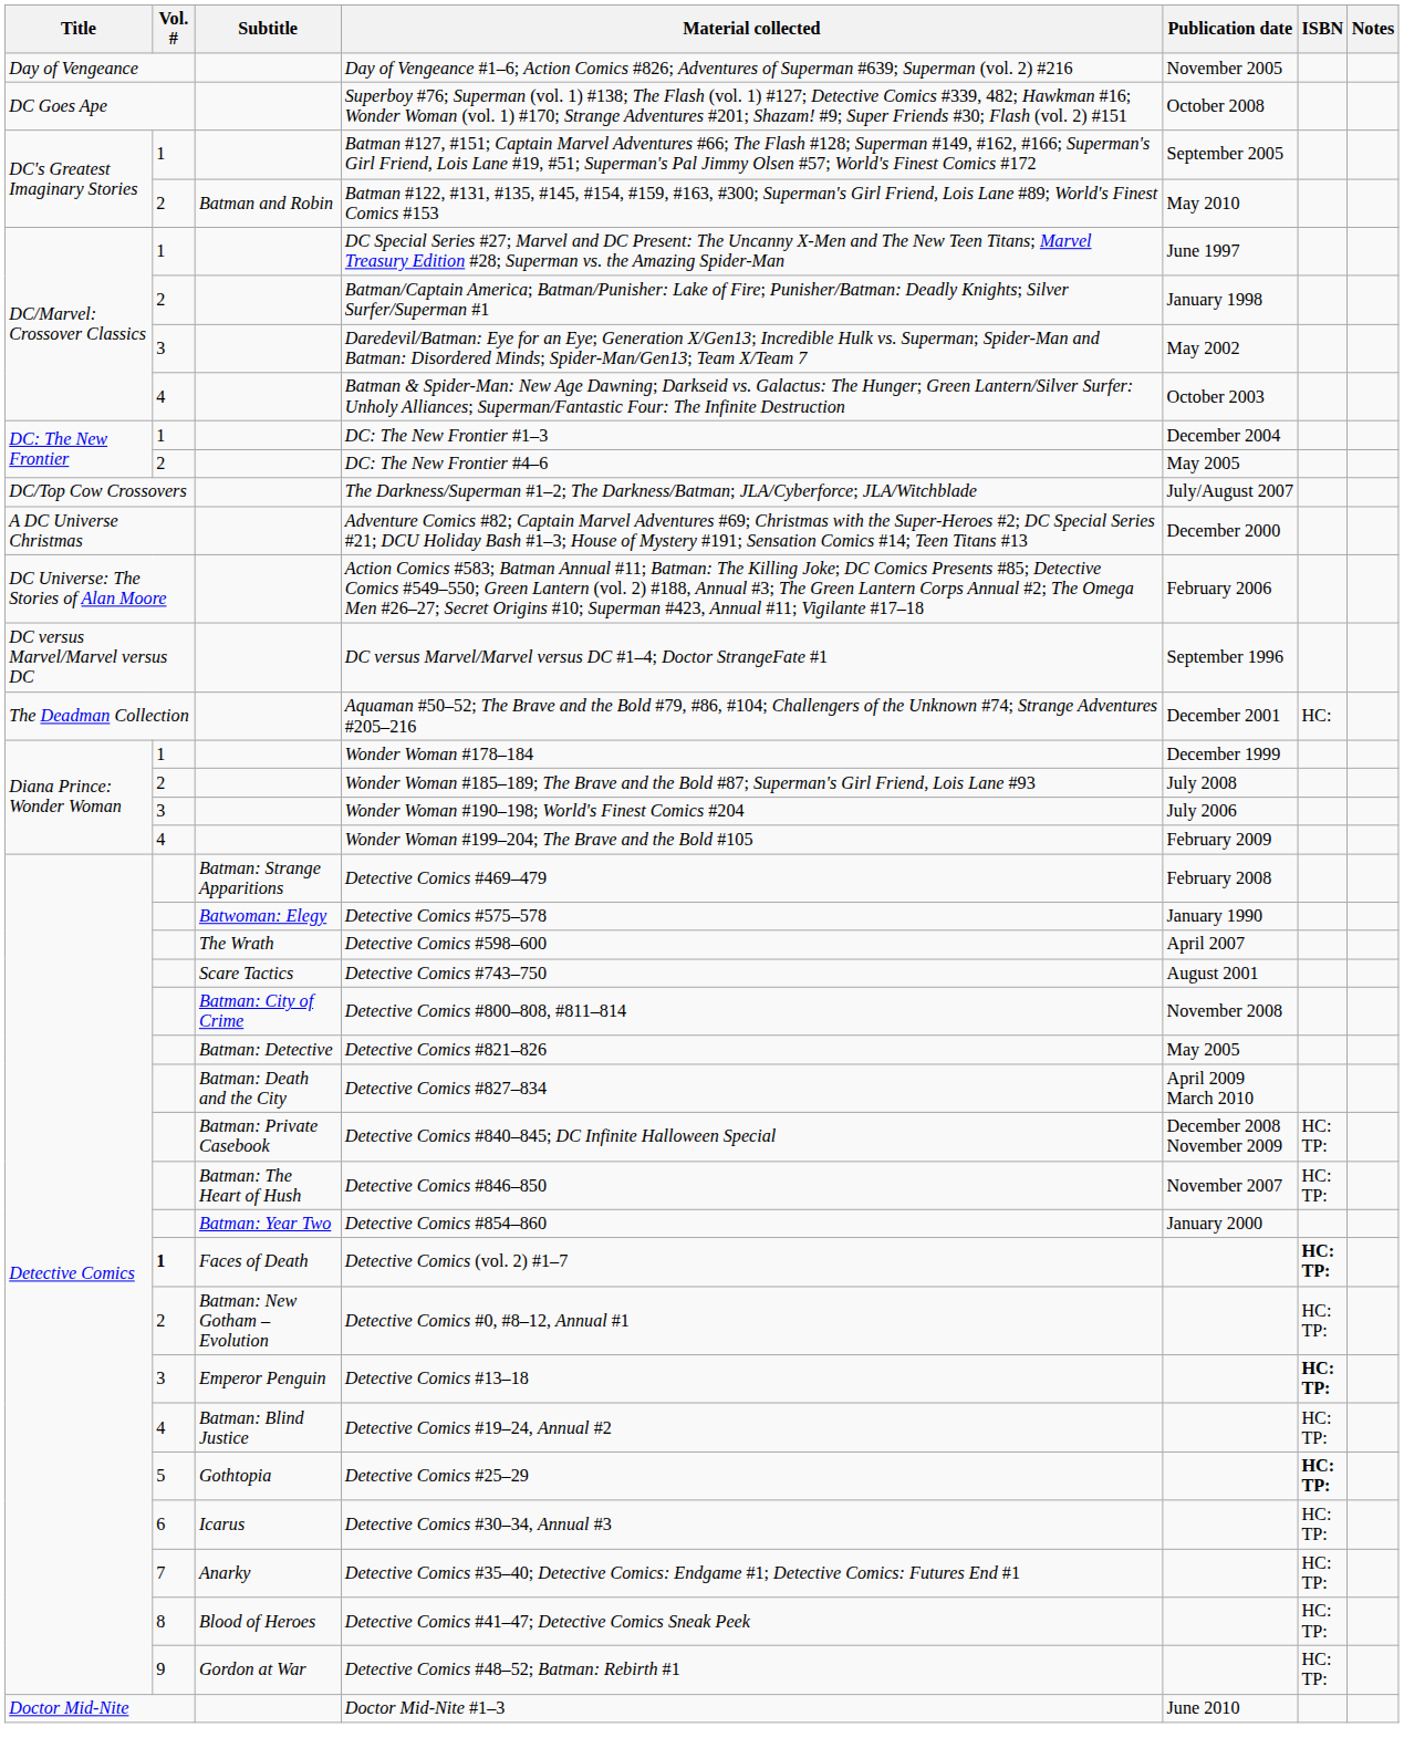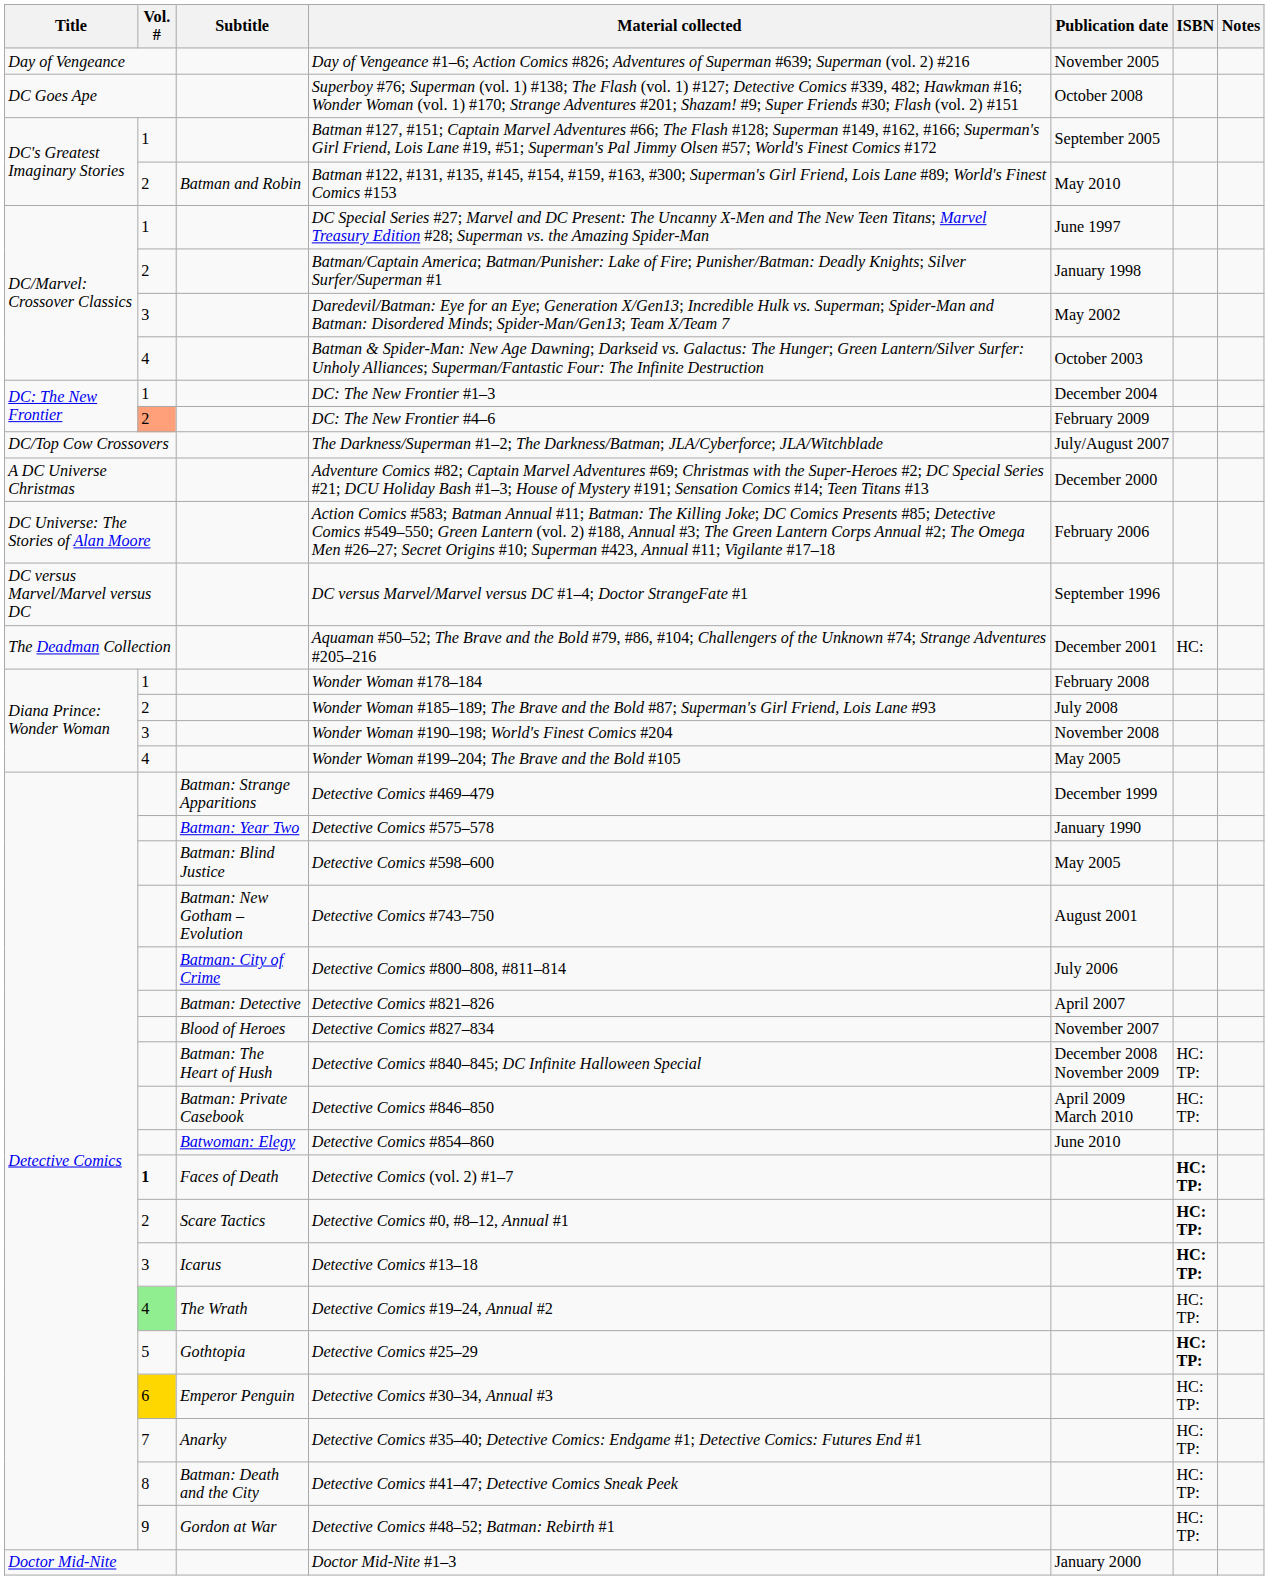 <table class="wikitable">
 <tr>
 <th>Title</th>
 <th>Vol. #</th>
 <th>Subtitle</th>
 <th>Material collected</th>
 <th>Publication date</th>
 <th>ISBN</th>
 <th>Notes</th>
 </tr>
 <tr>
 <td colspan="2"><em>Day of Vengeance</em></td>
 <td></td>
 <td><em>Day of Vengeance</em> #1–6; <em>Action Comics</em> #826; <em>Adventures of Superman</em> #639; <em>Superman</em> (vol. 2) #216</td>
 <td>November 2005</td>
 <td></td>
 <td></td>
 </tr>
 <tr>
 <td colspan="2"><em>DC Goes Ape</em></td>
 <td></td>
 <td><em>Superboy</em> #76; <em>Superman</em> (vol. 1) #138; <em>The Flash</em> (vol. 1) #127; <em>Detective Comics</em> #339, 482; <em>Hawkman</em> #16; <em>Wonder Woman</em> (vol. 1) #170; <em>Strange Adventures</em> #201; <em>Shazam!</em> #9; <em>Super Friends</em> #30; <em>Flash</em> (vol. 2) #151</td>
 <td>October 2008</td>
 <td></td>
 <td></td>
 </tr>
 <tr>
 <td rowspan="2"><em>DC's Greatest Imaginary Stories</em></td>
 <td>1</td>
 <td></td>
 <td><em>Batman</em> #127, #151; <em>Captain Marvel Adventures</em> #66; <em>The Flash</em> #128; <em>Superman</em> #149, #162, #166; <em>Superman's Girl Friend, Lois Lane</em> #19, #51; <em>Superman's Pal Jimmy Olsen</em> #57; <em>World's Finest Comics</em> #172</td>
 <td>September 2005</td>
 <td></td>
 <td></td>
 </tr>
 <tr>
 <td>2</td>
 <td><em>Batman and Robin</em></td>
 <td><em>Batman</em> #122, #131, #135, #145, #154, #159, #163, #300; <em>Superman's Girl Friend, Lois Lane</em> #89; <em>World's Finest Comics</em> #153</td>
 <td>May 2010</td>
 <td></td>
 <td></td>
 </tr>
 <tr>
 <td rowspan="4"><em>DC/Marvel: Crossover Classics</em></td>
 <td>1</td>
 <td></td>
 <td><em>DC Special Series</em> #27; <em>Marvel and DC Present: The Uncanny X-Men and The New Teen Titans</em>; <em><a href='#'>Marvel Treasury Edition</a></em> #28; <em>Superman vs. the Amazing Spider-Man</em></td>
 <td>June 1997</td>
 <td></td>
 <td></td>
 </tr>
 <tr>
 <td>2</td>
 <td></td>
 <td><em>Batman/Captain America</em>; <em>Batman/Punisher: Lake of Fire</em>; <em>Punisher/Batman: Deadly Knights</em>; <em>Silver Surfer/Superman</em> #1</td>
 <td>January 1998</td>
 <td></td>
 <td></td>
 </tr>
 <tr>
 <td>3</td>
 <td></td>
 <td><em>Daredevil/Batman: Eye for an Eye</em>; <em>Generation X/Gen13</em>; <em>Incredible Hulk vs. Superman</em>; <em>Spider-Man and Batman: Disordered Minds</em>; <em>Spider-Man/Gen13</em>; <em>Team X/Team 7</em></td>
 <td>May 2002</td>
 <td></td>
 <td></td>
 </tr>
 <tr>
 <td>4</td>
 <td></td>
 <td><em>Batman & Spider-Man: New Age Dawning</em>; <em>Darkseid vs. Galactus: The Hunger</em>; <em>Green Lantern/Silver Surfer: Unholy Alliances</em>; <em>Superman/Fantastic Four: The Infinite Destruction</em></td>
 <td>October 2003</td>
 <td></td>
 <td></td>
 </tr>
 <tr>
 <td rowspan="2"><em><a href='#'>DC: The New Frontier</a></em></td>
 <td>1</td>
 <td></td>
 <td><em>DC: The New Frontier</em> #1–3</td>
 <td>December 2004</td>
 <td></td>
 <td></td>
 </tr>
 <tr>
-<td>2</td>
+<td style="background: lightsalmon;">2</td>
 <td></td>
 <td><em>DC: The New Frontier</em> #4–6</td>
-<td>May 2005</td>
+<td>February 2009</td>
 <td></td>
 <td></td>
 </tr>
 <tr>
 <td colspan="2"><em>DC/Top Cow Crossovers</em></td>
 <td></td>
 <td><em>The Darkness/Superman</em> #1–2; <em>The Darkness/Batman</em>; <em>JLA/Cyberforce</em>; <em>JLA/Witchblade</em></td>
 <td style=white-space:nowrap>July/August 2007</td>
 <td></td>
 <td></td>
 </tr>
 <tr>
 <td colspan="2"><em>A DC Universe Christmas</em></td>
 <td></td>
 <td><em>Adventure Comics</em> #82; <em>Captain Marvel Adventures</em> #69; <em>Christmas with the Super-Heroes</em> #2; <em>DC Special Series</em> #21; <em>DCU Holiday Bash</em> #1–3; <em>House of Mystery</em> #191; <em>Sensation Comics</em> #14; <em>Teen Titans</em> #13</td>
 <td>December 2000</td>
 <td></td>
 <td></td>
 </tr>
 <tr>
 <td colspan="2"><em>DC Universe: The Stories of <a href='#'>Alan Moore</a></em></td>
 <td></td>
 <td><em>Action Comics</em> #583; <em>Batman Annual</em> #11; <em>Batman: The Killing Joke</em>; <em>DC Comics Presents</em> #85; <em>Detective Comics</em> #549–550; <em>Green Lantern</em> (vol. 2) #188, <em>Annual</em> #3; <em>The Green Lantern Corps Annual</em> #2; <em>The Omega Men</em> #26–27; <em>Secret Origins</em> #10; <em>Superman</em> #423, <em>Annual</em> #11; <em>Vigilante</em> #17–18</td>
 <td>February 2006</td>
 <td></td>
 <td></td>
 </tr>
 <tr>
 <td colspan="2"><em>DC versus Marvel/Marvel versus DC</em></td>
 <td></td>
 <td><em>DC versus Marvel/Marvel versus DC</em> #1–4; <em>Doctor StrangeFate</em> #1</td>
 <td>September 1996</td>
 <td></td>
 <td></td>
 </tr>
 <tr>
 <td colspan="2"><em>The <a href='#'>Deadman</a> Collection</em></td>
 <td></td>
 <td><em>Aquaman</em> #50–52; <em>The Brave and the Bold</em> #79, #86, #104; <em>Challengers of the Unknown</em> #74; <em>Strange Adventures</em> #205–216</td>
 <td>December 2001</td>
 <td>HC: </td>
 <td></td>
 </tr>
 <tr>
 <td rowspan="4"><em>Diana Prince: Wonder Woman</em></td>
 <td>1</td>
 <td></td>
 <td><em>Wonder Woman</em> #178–184</td>
-<td>December 1999</td>
+<td>February 2008</td>
 <td></td>
 <td></td>
 </tr>
 <tr>
 <td>2</td>
 <td></td>
 <td><em>Wonder Woman</em> #185–189; <em>The Brave and the Bold</em> #87; <em>Superman's Girl Friend, Lois Lane</em> #93</td>
 <td>July 2008</td>
 <td></td>
 <td></td>
 </tr>
 <tr>
 <td>3</td>
 <td></td>
 <td><em>Wonder Woman</em> #190–198; <em>World's Finest Comics</em> #204</td>
-<td>July 2006</td>
+<td>November 2008</td>
 <td></td>
 <td></td>
 </tr>
 <tr>
 <td>4</td>
 <td></td>
 <td><em>Wonder Woman</em> #199–204; <em>The Brave and the Bold</em> #105</td>
-<td>February 2009</td>
+<td>May 2005</td>
 <td></td>
 <td></td>
 </tr>
 <tr>
 <td rowspan="19"><em><a href='#'>Detective Comics</a></em></td>
 <td></td>
 <td><em>Batman: Strange Apparitions</em></td>
 <td><em>Detective Comics</em> #469–479</td>
-<td>February 2008</td>
+<td>December 1999</td>
 <td></td>
 <td></td>
 </tr>
 <tr>
 <td></td>
-<td><em><a href='#'>Batwoman: Elegy</a></em></td>
+<td><em><a href='#'>Batman: Year Two</a></em></td>
 <td><em>Detective Comics</em> #575–578</td>
 <td>January 1990</td>
 <td></td>
 <td></td>
 </tr>
 <tr>
 <td></td>
-<td><em>The Wrath</em></td>
+<td><em>Batman: Blind Justice</em></td>
 <td><em>Detective Comics</em> #598–600</td>
-<td>April 2007</td>
+<td>May 2005</td>
 <td></td>
 <td></td>
 </tr>
 <tr>
 <td></td>
-<td><em>Scare Tactics</em></td>
+<td><em>Batman: New Gotham –Evolution</em></td>
 <td><em>Detective Comics</em> #743–750</td>
 <td>August 2001</td>
 <td></td>
 <td></td>
 </tr>
 <tr>
 <td></td>
 <td><em><a href='#'>Batman: City of Crime</a></em></td>
 <td><em>Detective Comics</em> #800–808, #811–814</td>
-<td>November 2008</td>
+<td>July 2006</td>
 <td></td>
 <td></td>
 </tr>
 <tr>
 <td></td>
 <td><em>Batman: Detective</em></td>
 <td><em>Detective Comics</em> #821–826</td>
-<td>May 2005</td>
+<td>April 2007</td>
 <td></td>
 <td></td>
 </tr>
 <tr>
 <td></td>
-<td><em>Batman: Death and the City</em></td>
+<td><em>Blood of Heroes</em></td>
 <td><em>Detective Comics</em> #827–834</td>
-<td>April 2009<br>March 2010</td>
+<td>November 2007</td>
 <td></td>
 <td></td>
 </tr>
 <tr>
 <td></td>
-<td><em>Batman: Private Casebook</em></td>
+<td><em>Batman: The Heart of Hush</em></td>
 <td><em>Detective Comics</em> #840–845; <em>DC Infinite Halloween Special</em></td>
 <td>December 2008<br>November 2009</td>
 <td style=white-space:nowrap>HC: <br>TP: </td>
 <td></td>
 </tr>
 <tr>
 <td></td>
-<td><em>Batman: The Heart of Hush</em></td>
+<td><em>Batman: Private Casebook</em></td>
 <td><em>Detective Comics</em> #846–850</td>
-<td>November 2007</td>
+<td>April 2009<br>March 2010</td>
 <td>HC: <br>TP: </td>
 <td></td>
 </tr>
 <tr>
 <td></td>
-<td><em><a href='#'>Batman: Year Two</a></em></td>
+<td><em><a href='#'>Batwoman: Elegy</a></em></td>
 <td><em>Detective Comics</em> #854–860</td>
-<td>January 2000</td>
+<td>June 2010</td>
 <td></td>
 <td></td>
 </tr>
 <tr>
 <td><strong>1</strong></td>
 <td><em>Faces of Death</em></td>
 <td><em>Detective Comics</em> (vol. 2) #1–7</td>
 <td><br></td>
 <td><strong>HC: <br>TP: </strong></td>
 <td></td>
 </tr>
 <tr>
 <td>2</td>
-<td><em>Batman: New Gotham –Evolution</em></td>
+<td><em>Scare Tactics</em></td>
 <td><em>Detective Comics</em> #0, #8–12, <em>Annual</em> #1</td>
 <td><br></td>
-<td>HC: <br>TP: </td>
+<td><strong>HC: <br>TP: </strong></td>
 <td></td>
 </tr>
 <tr>
 <td>3</td>
-<td><em>Emperor Penguin</em></td>
+<td><em>Icarus</em></td>
 <td><em>Detective Comics</em> #13–18</td>
 <td><br></td>
 <td><strong>HC: <br>TP: </strong></td>
 <td></td>
 </tr>
 <tr>
-<td>4</td>
-<td><em>Batman: Blind Justice</em></td>
+<td style="background: lightgreen;">4</td>
+<td><em>The Wrath</em></td>
 <td><em>Detective Comics</em> #19–24, <em>Annual</em> #2</td>
 <td><br></td>
 <td>HC: <br>TP: </td>
 <td></td>
 </tr>
 <tr>
 <td>5</td>
 <td><em>Gothtopia</em></td>
 <td><em>Detective Comics</em> #25–29</td>
 <td><br></td>
 <td><strong>HC: <br>TP: </strong></td>
 <td></td>
 </tr>
 <tr>
-<td>6</td>
-<td><em>Icarus</em></td>
+<td style="background: gold;">6</td>
+<td><em>Emperor Penguin</em></td>
 <td><em>Detective Comics</em> #30–34, <em>Annual</em> #3</td>
 <td><br></td>
 <td>HC: <br>TP: </td>
 <td></td>
 </tr>
 <tr>
 <td>7</td>
 <td><em>Anarky</em></td>
 <td><em>Detective Comics</em> #35–40; <em>Detective Comics: Endgame</em> #1; <em>Detective Comics: Futures End</em> #1</td>
 <td><br></td>
 <td>HC: <br>TP: </td>
 <td></td>
 </tr>
 <tr>
 <td>8</td>
-<td><em>Blood of Heroes</em></td>
+<td><em>Batman: Death and the City</em></td>
 <td><em>Detective Comics</em> #41–47; <em>Detective Comics Sneak Peek</em></td>
 <td><br></td>
 <td>HC: <br>TP: </td>
 <td></td>
 </tr>
 <tr>
 <td>9</td>
 <td><em>Gordon at War</em></td>
 <td><em>Detective Comics</em> #48–52; <em>Batman: Rebirth</em> #1</td>
 <td><br></td>
 <td>HC: <br>TP: </td>
 <td></td>
 </tr>
 <tr>
 <td colspan="2"><em><a href='#'>Doctor Mid-Nite</a></em></td>
 <td></td>
 <td><em>Doctor Mid-Nite</em> #1–3</td>
-<td>June 2010</td>
+<td>January 2000</td>
 <td></td>
 <td></td>
 </tr>
 </table>
